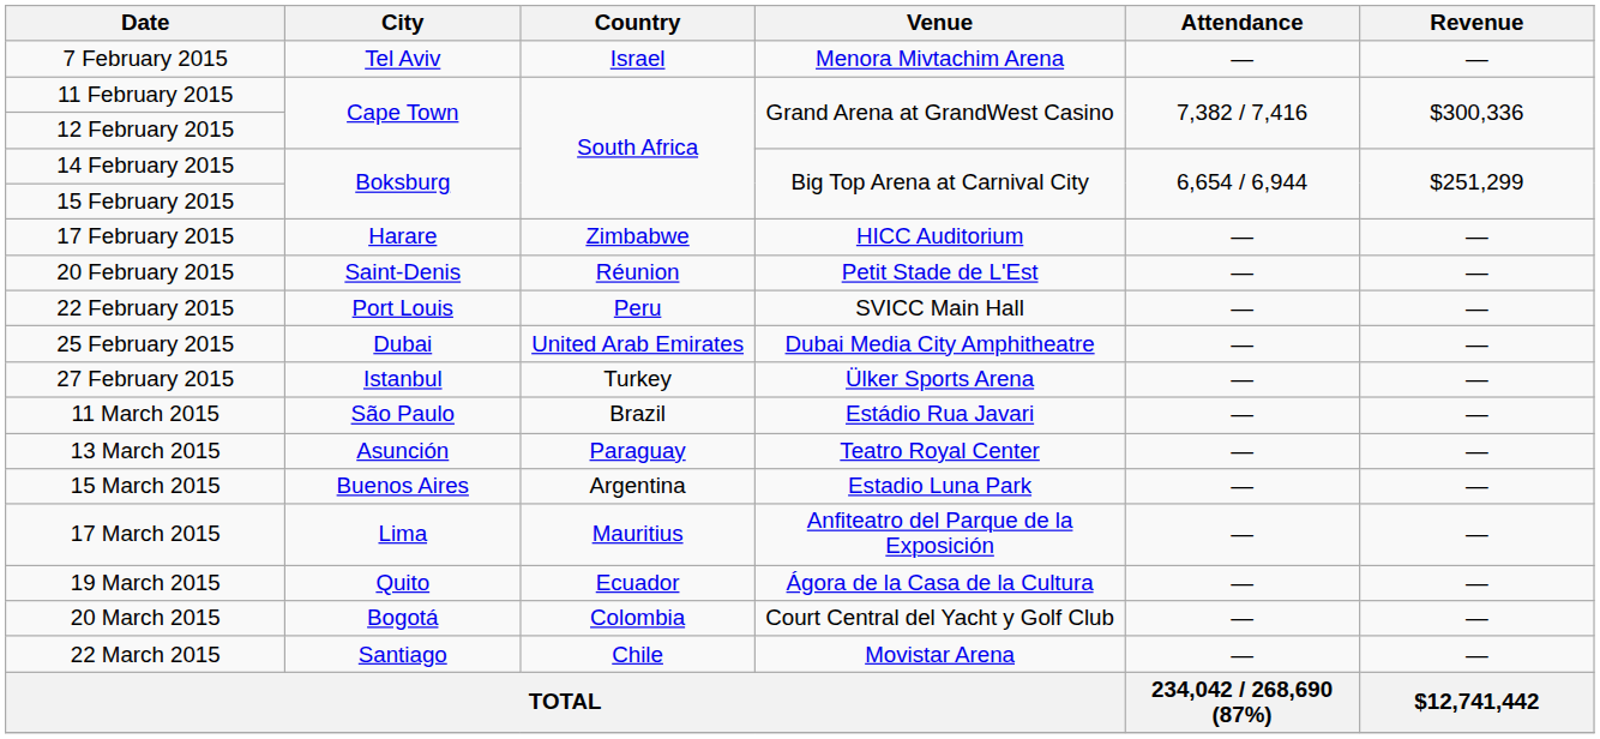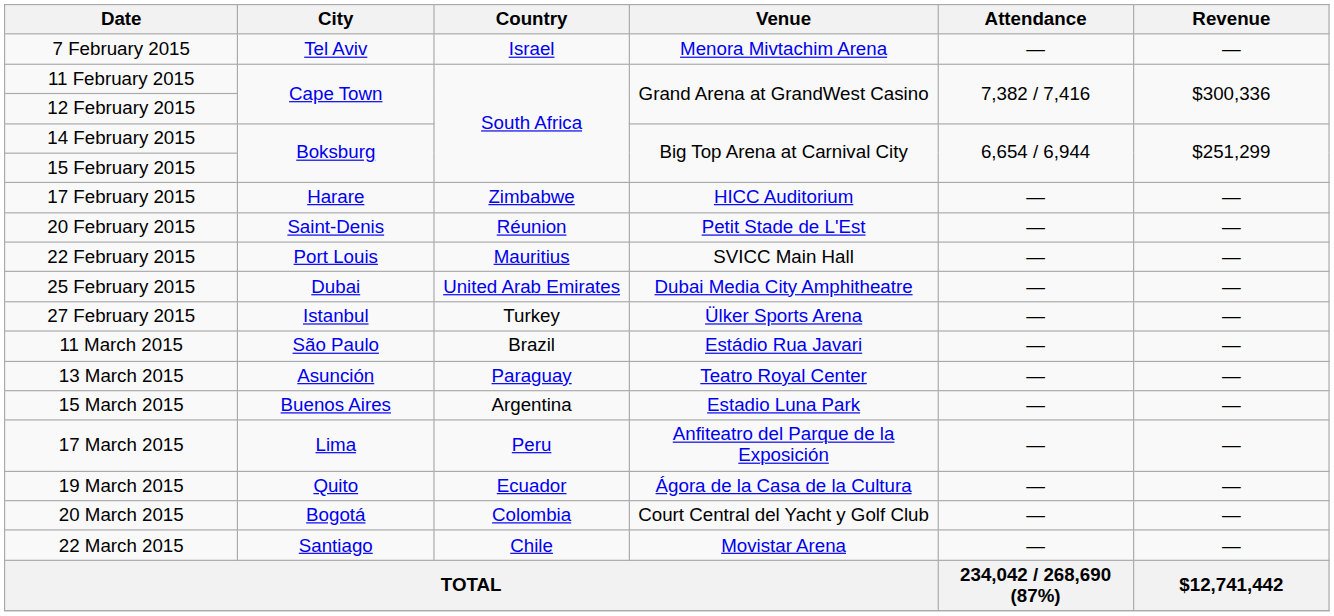 <table class="wikitable plainrowheaders" style="text-align:center;">
 <tr>
 <th scope="col" style="width:12em;">Date</th>
 <th scope="col" style="width:10em;">City</th>
 <th scope="col" style="width:10em;">Country</th>
 <th scope="col" style="width:16em;">Venue</th>
 <th scope="col" style="width:10em;">Attendance</th>
 <th scope="col" style="width:10em;">Revenue</th>
 </tr>
 <tr>
 <td>7 February 2015</td>
 <td><a href='#'>Tel Aviv</a></td>
 <td><a href='#'>Israel</a></td>
 <td><a href='#'>Menora Mivtachim Arena</a></td>
 <td>—</td>
 <td>—</td>
 </tr>
 <tr>
 <td>11 February 2015</td>
 <td rowspan="2"><a href='#'>Cape Town</a></td>
 <td rowspan="4"><a href='#'>South Africa</a></td>
 <td rowspan="2">Grand Arena at GrandWest Casino</td>
 <td rowspan="2">7,382 / 7,416</td>
 <td rowspan="2">$300,336</td>
 </tr>
 <tr>
 <td>12 February 2015</td>
 </tr>
 <tr>
 <td>14 February 2015</td>
 <td rowspan="2"><a href='#'>Boksburg</a></td>
 <td rowspan="2">Big Top Arena at Carnival City</td>
 <td rowspan="2">6,654 / 6,944</td>
 <td rowspan="2">$251,299</td>
 </tr>
 <tr>
 <td>15 February 2015</td>
 </tr>
 <tr>
 <td>17 February 2015</td>
 <td><a href='#'>Harare</a></td>
 <td><a href='#'>Zimbabwe</a></td>
 <td><a href='#'>HICC Auditorium</a></td>
 <td>—</td>
 <td>—</td>
 </tr>
 <tr>
 <td>20 February 2015</td>
 <td><a href='#'>Saint-Denis</a></td>
 <td><a href='#'>Réunion</a></td>
 <td><a href='#'>Petit Stade de L'Est</a></td>
 <td>—</td>
 <td>—</td>
 </tr>
 <tr>
 <td>22 February 2015</td>
 <td><a href='#'>Port Louis</a></td>
-<td><a href='#'>Peru</a></td>
+<td><a href='#'>Mauritius</a></td>
 <td>SVICC Main Hall</td>
 <td>—</td>
 <td>—</td>
 </tr>
 <tr>
 <td>25 February 2015</td>
 <td><a href='#'>Dubai</a></td>
 <td><a href='#'>United Arab Emirates</a></td>
 <td><a href='#'>Dubai Media City Amphitheatre</a></td>
 <td>—</td>
 <td>—</td>
 </tr>
 <tr>
 <td>27 February 2015</td>
 <td><a href='#'>Istanbul</a></td>
 <td>Turkey</td>
 <td><a href='#'>Ülker Sports Arena</a></td>
 <td>—</td>
 <td>—</td>
 </tr>
 <tr>
 <td>11 March 2015</td>
 <td><a href='#'>São Paulo</a></td>
 <td>Brazil</td>
 <td><a href='#'>Estádio Rua Javari</a></td>
 <td>—</td>
 <td>—</td>
 </tr>
 <tr>
 <td>13 March 2015</td>
 <td><a href='#'>Asunción</a></td>
 <td><a href='#'>Paraguay</a></td>
 <td><a href='#'>Teatro Royal Center</a></td>
 <td>—</td>
 <td>—</td>
 </tr>
 <tr>
 <td>15 March 2015</td>
 <td><a href='#'>Buenos Aires</a></td>
 <td>Argentina</td>
 <td><a href='#'>Estadio Luna Park</a></td>
 <td>—</td>
 <td>—</td>
 </tr>
 <tr>
 <td>17 March 2015</td>
 <td><a href='#'>Lima</a></td>
-<td><a href='#'>Mauritius</a></td>
+<td><a href='#'>Peru</a></td>
 <td><a href='#'>Anfiteatro del Parque de la Exposición</a></td>
 <td>—</td>
 <td>—</td>
 </tr>
 <tr>
 <td>19 March 2015</td>
 <td><a href='#'>Quito</a></td>
 <td><a href='#'>Ecuador</a></td>
 <td><a href='#'>Ágora de la Casa de la Cultura</a></td>
 <td>—</td>
 <td>—</td>
 </tr>
 <tr>
 <td>20 March 2015</td>
 <td><a href='#'>Bogotá</a></td>
 <td><a href='#'>Colombia</a></td>
 <td>Court Central del Yacht y Golf Club</td>
 <td>—</td>
 <td>—</td>
 </tr>
 <tr>
 <td>22 March 2015</td>
 <td><a href='#'>Santiago</a></td>
 <td><a href='#'>Chile</a></td>
 <td><a href='#'>Movistar Arena</a></td>
 <td>—</td>
 <td>—</td>
 </tr>
 <tr>
 <th colspan="4"><strong>TOTAL</strong></th>
 <th><strong>234,042</strong> / <strong>268,690</strong> (87%)</th>
 <th><strong>$12,741,442</strong></th>
 </tr>
 <tr>
 </tr>
 </table>
